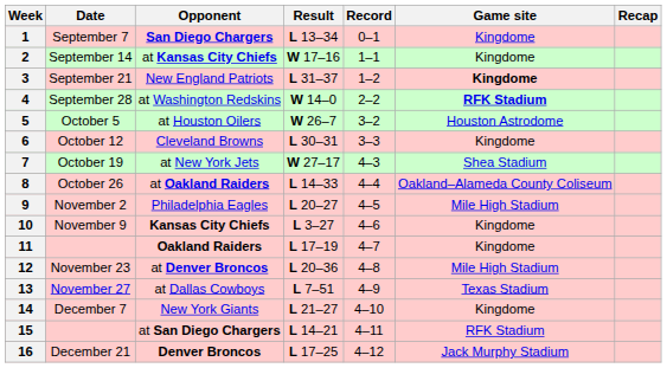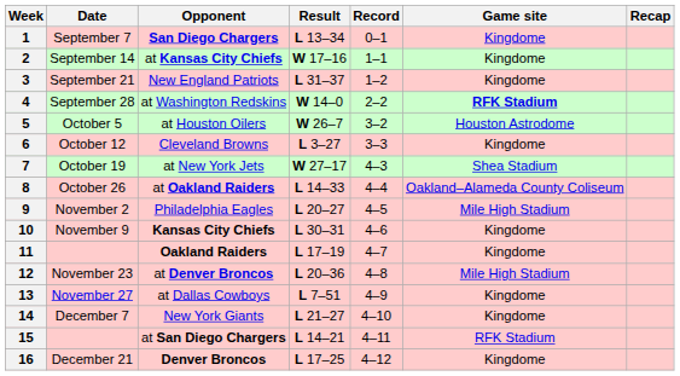 <table class="wikitable" style="text-align:center">
 <tr>
 <th>Week</th>
 <th>Date</th>
 <th>Opponent</th>
 <th>Result</th>
 <th>Record</th>
 <th>Game site</th>
 <th>Recap</th>
 </tr>
 <tr style="background:#fcc">
 <th>1</th>
 <td>September 7</td>
 <td><strong><a href='#'>San Diego Chargers</a></strong></td>
 <td><strong>L</strong> 13–34</td>
 <td>0–1</td>
 <td><a href='#'>Kingdome</a></td>
 <td></td>
 </tr>
 <tr style="background:#cfc">
 <th>2</th>
 <td>September 14</td>
 <td>at <strong><a href='#'>Kansas City Chiefs</a></strong></td>
 <td><strong>W</strong> 17–16</td>
 <td>1–1</td>
 <td>Kingdome</td>
 <td></td>
 </tr>
 <tr style="background:#fcc">
 <th>3</th>
 <td>September 21</td>
 <td><a href='#'>New England Patriots</a></td>
 <td><strong>L</strong> 31–37</td>
 <td>1–2</td>
-<td><strong>Kingdome</strong></td>
+<td>Kingdome</td>
 <td></td>
 </tr>
 <tr style="background:#cfc">
 <th>4</th>
 <td>September 28</td>
 <td>at <a href='#'>Washington Redskins</a></td>
 <td><strong>W</strong> 14–0</td>
 <td>2–2</td>
 <td><strong><a href='#'>RFK Stadium</a></strong></td>
 <td></td>
 </tr>
 <tr style="background:#cfc">
 <th>5</th>
 <td>October 5</td>
 <td>at <a href='#'>Houston Oilers</a></td>
 <td><strong>W</strong> 26–7</td>
 <td>3–2</td>
 <td><a href='#'>Houston Astrodome</a></td>
 <td></td>
 </tr>
 <tr style="background:#fcc">
 <th>6</th>
 <td>October 12</td>
 <td><a href='#'>Cleveland Browns</a></td>
-<td><strong>L</strong> 30–31</td>
+<td><strong>L</strong> 3–27</td>
 <td>3–3</td>
 <td>Kingdome</td>
 <td></td>
 </tr>
 <tr style="background:#cfc">
 <th>7</th>
 <td>October 19</td>
 <td>at <a href='#'>New York Jets</a></td>
 <td><strong>W</strong> 27–17</td>
 <td>4–3</td>
 <td><a href='#'>Shea Stadium</a></td>
 <td></td>
 </tr>
 <tr style="background:#fcc">
 <th>8</th>
 <td>October 26</td>
 <td>at <strong><a href='#'>Oakland Raiders</a></strong></td>
 <td><strong>L</strong> 14–33</td>
 <td>4–4</td>
 <td><a href='#'>Oakland–Alameda County Coliseum</a></td>
 <td></td>
 </tr>
 <tr style="background:#fcc">
 <th>9</th>
 <td>November 2</td>
 <td><a href='#'>Philadelphia Eagles</a></td>
 <td><strong>L</strong> 20–27</td>
 <td>4–5</td>
 <td><a href='#'>Mile High Stadium</a></td>
 <td></td>
 </tr>
 <tr style="background:#fcc">
 <th>10</th>
 <td>November 9</td>
 <td><strong>Kansas City Chiefs</strong></td>
-<td><strong>L</strong> 3–27</td>
+<td><strong>L</strong> 30–31</td>
 <td>4–6</td>
 <td>Kingdome</td>
 <td></td>
 </tr>
 <tr style="background:#fcc">
 <th>11</th>
 <td></td>
 <td><strong>Oakland Raiders</strong></td>
 <td><strong>L</strong> 17–19</td>
 <td>4–7</td>
 <td>Kingdome</td>
 <td></td>
 </tr>
 <tr style="background:#fcc">
 <th>12</th>
 <td>November 23</td>
 <td>at <strong><a href='#'>Denver Broncos</a></strong></td>
 <td><strong>L</strong> 20–36</td>
 <td>4–8</td>
 <td><a href='#'>Mile High Stadium</a></td>
 <td></td>
 </tr>
 <tr style="background:#fcc">
 <th>13</th>
 <td><a href='#'>November 27</a></td>
 <td>at <a href='#'>Dallas Cowboys</a></td>
 <td><strong>L</strong> 7–51</td>
 <td>4–9</td>
-<td><a href='#'>Texas Stadium</a></td>
+<td>Kingdome</td>
 <td></td>
 </tr>
 <tr style="background:#fcc">
 <th>14</th>
 <td>December 7</td>
 <td><a href='#'>New York Giants</a></td>
 <td><strong>L</strong> 21–27</td>
 <td>4–10</td>
 <td>Kingdome</td>
 <td></td>
 </tr>
 <tr style="background:#fcc">
 <th>15</th>
 <td></td>
 <td>at <strong>San Diego Chargers</strong></td>
 <td><strong>L</strong> 14–21</td>
 <td>4–11</td>
 <td><a href='#'>RFK Stadium</a></td>
 <td></td>
 </tr>
 <tr style="background:#fcc">
 <th>16</th>
 <td>December 21</td>
 <td><strong>Denver Broncos</strong></td>
 <td><strong>L</strong> 17–25</td>
 <td>4–12</td>
-<td><a href='#'>Jack Murphy Stadium</a></td>
+<td>Kingdome</td>
 <td></td>
 </tr>
 </table>
